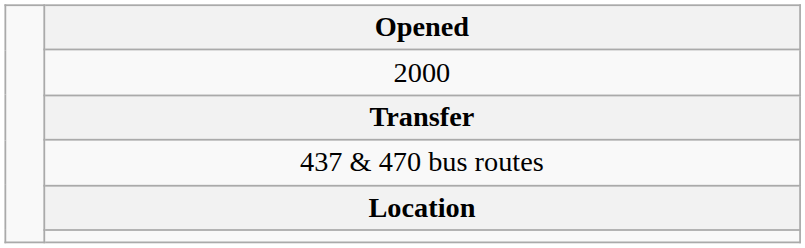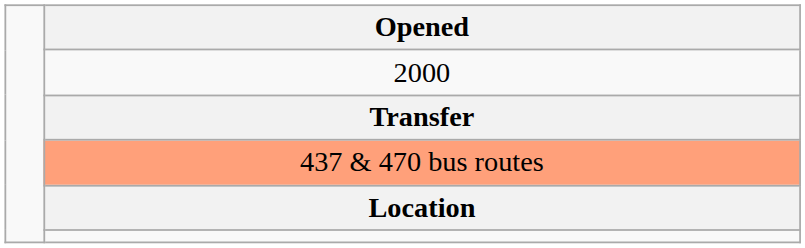 <table class=wikitable style="text-align: center; width: 450px; float:right">
 <tr>
 <td rowspan='6'></td>
 <th>Opened</th>
 </tr>
 <tr>
 <td>2000</td>
 </tr>
 <tr>
 <th>Transfer</th>
 </tr>
 <tr>
-<td>437 & 470 bus routes</td>
+<td style="background: lightsalmon;">437 & 470 bus routes</td>
 </tr>
 <tr>
 <th>Location</th>
 </tr>
 <tr>
 <td></td>
 </tr>
 </table>
